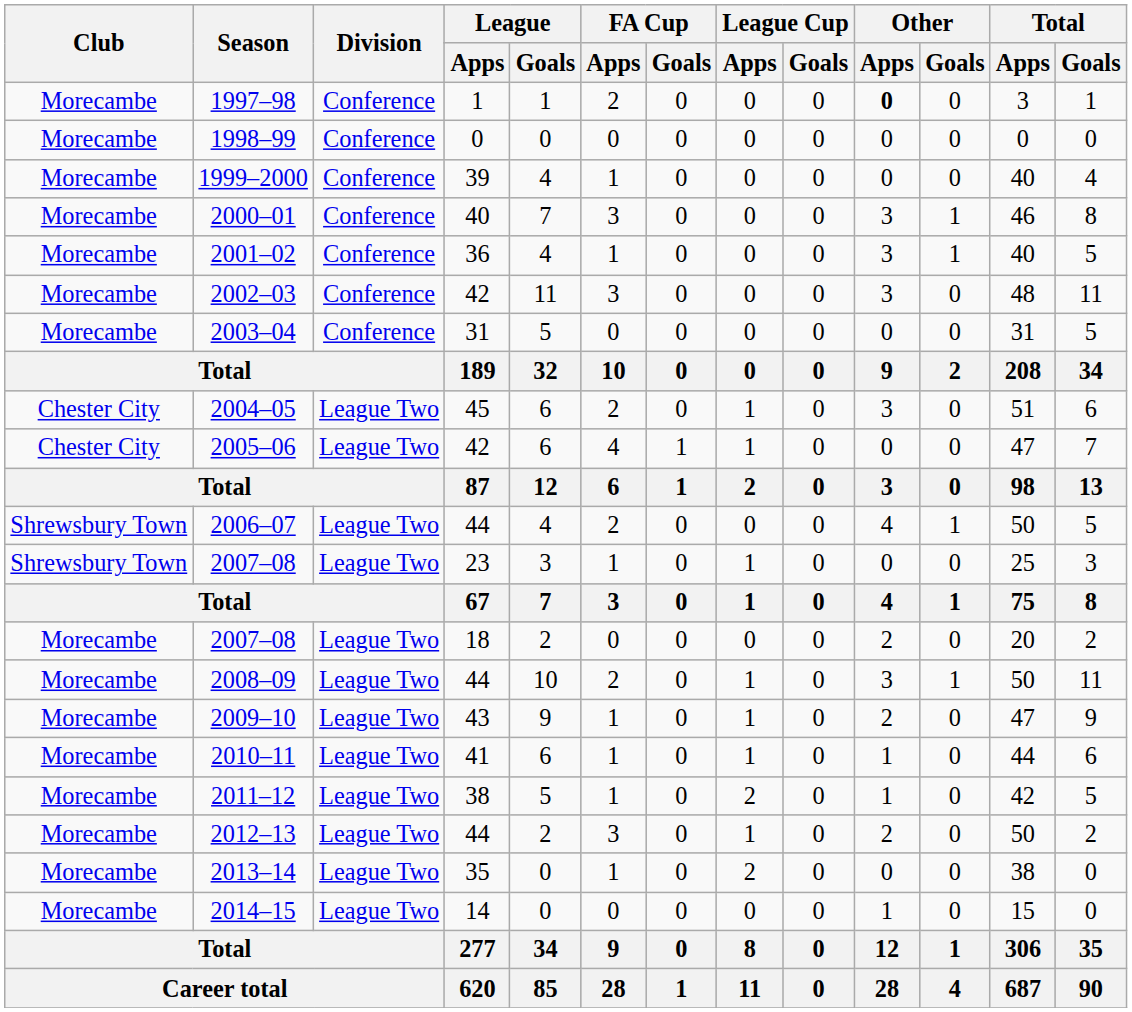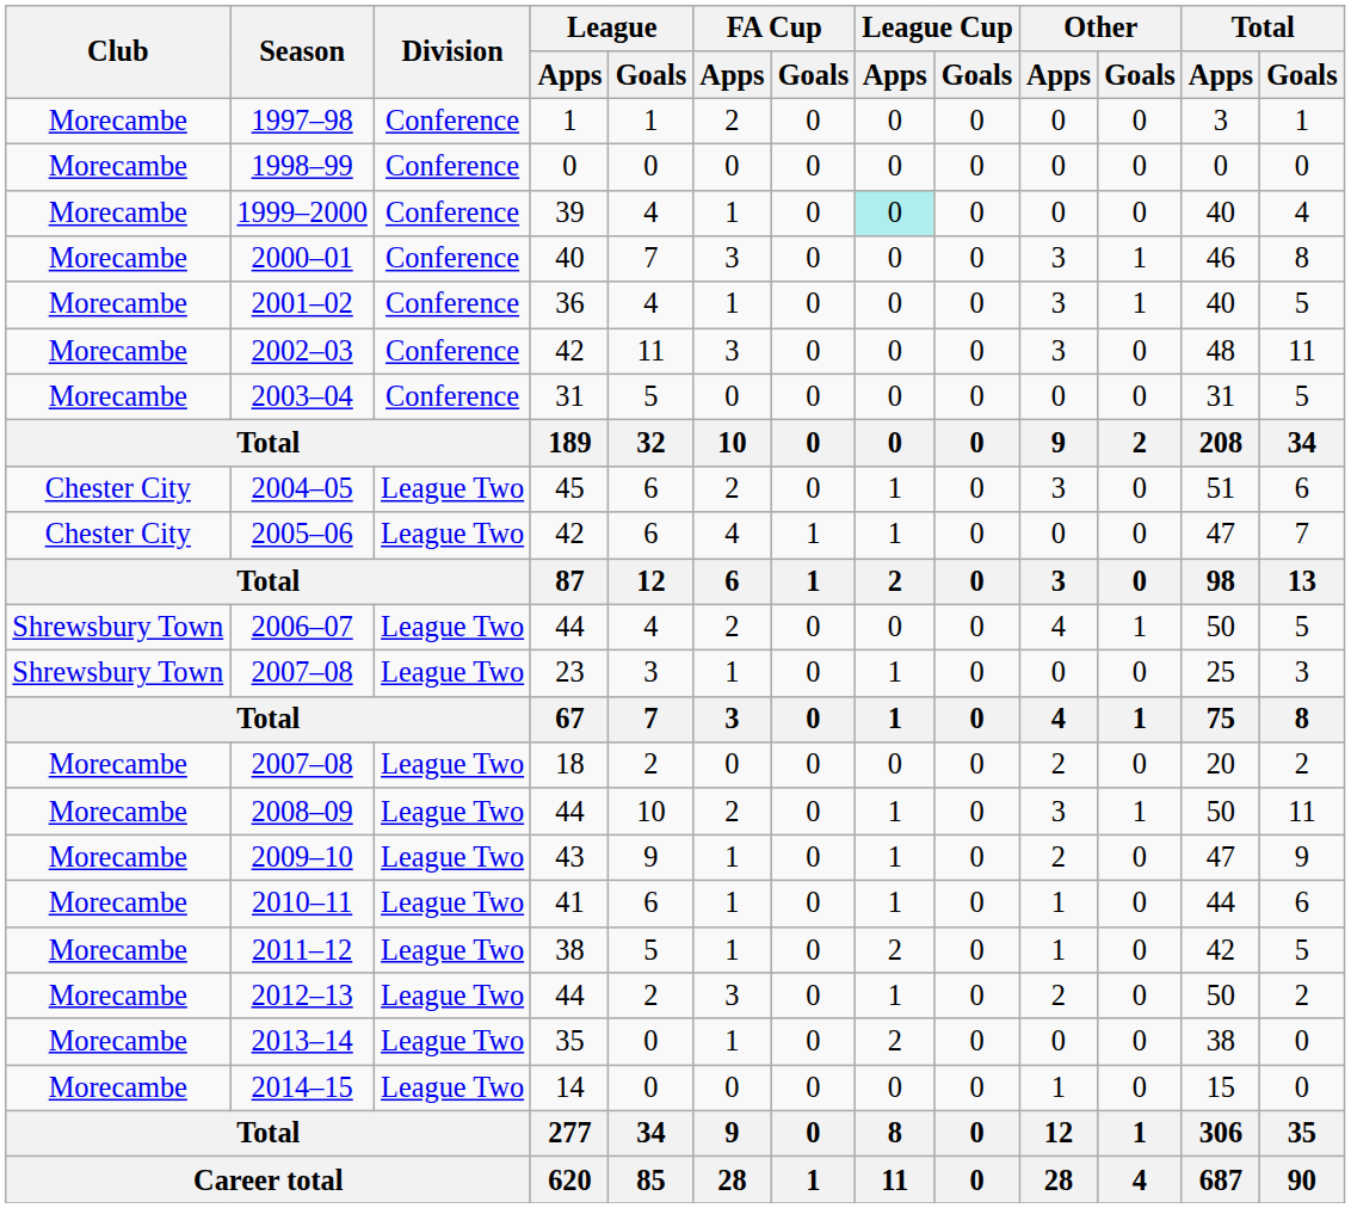 <table class="wikitable" style="text-align:center">
 <tr>
 <th rowspan="2">Club</th>
 <th rowspan="2">Season</th>
 <th rowspan="2">Division</th>
 <th colspan="2">League</th>
 <th colspan="2">FA Cup</th>
 <th colspan="2">League Cup</th>
 <th colspan="2">Other</th>
 <th colspan="2">Total</th>
 </tr>
 <tr>
 <th>Apps</th>
 <th>Goals</th>
 <th>Apps</th>
 <th>Goals</th>
 <th>Apps</th>
 <th>Goals</th>
 <th>Apps</th>
 <th>Goals</th>
 <th>Apps</th>
 <th>Goals</th>
 </tr>
 <tr>
 <td><a href='#'>Morecambe</a></td>
 <td><a href='#'>1997–98</a></td>
 <td><a href='#'>Conference</a></td>
 <td>1</td>
 <td>1</td>
 <td>2</td>
 <td>0</td>
 <td>0</td>
 <td>0</td>
-<td><strong>0</strong></td>
+<td>0</td>
 <td>0</td>
 <td>3</td>
 <td>1</td>
 </tr>
 <tr>
 <td><a href='#'>Morecambe</a></td>
 <td><a href='#'>1998–99</a></td>
 <td><a href='#'>Conference</a></td>
 <td>0</td>
 <td>0</td>
 <td>0</td>
 <td>0</td>
 <td>0</td>
 <td>0</td>
 <td>0</td>
 <td>0</td>
 <td>0</td>
 <td>0</td>
 </tr>
 <tr>
 <td><a href='#'>Morecambe</a></td>
 <td><a href='#'>1999–2000</a></td>
 <td><a href='#'>Conference</a></td>
 <td>39</td>
 <td>4</td>
 <td>1</td>
 <td>0</td>
-<td>0</td>
+<td style="background: paleturquoise;">0</td>
 <td>0</td>
 <td>0</td>
 <td>0</td>
 <td>40</td>
 <td>4</td>
 </tr>
 <tr>
 <td><a href='#'>Morecambe</a></td>
 <td><a href='#'>2000–01</a></td>
 <td><a href='#'>Conference</a></td>
 <td>40</td>
 <td>7</td>
 <td>3</td>
 <td>0</td>
 <td>0</td>
 <td>0</td>
 <td>3</td>
 <td>1</td>
 <td>46</td>
 <td>8</td>
 </tr>
 <tr>
 <td><a href='#'>Morecambe</a></td>
 <td><a href='#'>2001–02</a></td>
 <td><a href='#'>Conference</a></td>
 <td>36</td>
 <td>4</td>
 <td>1</td>
 <td>0</td>
 <td>0</td>
 <td>0</td>
 <td>3</td>
 <td>1</td>
 <td>40</td>
 <td>5</td>
 </tr>
 <tr>
 <td><a href='#'>Morecambe</a></td>
 <td><a href='#'>2002–03</a></td>
 <td><a href='#'>Conference</a></td>
 <td>42</td>
 <td>11</td>
 <td>3</td>
 <td>0</td>
 <td>0</td>
 <td>0</td>
 <td>3</td>
 <td>0</td>
 <td>48</td>
 <td>11</td>
 </tr>
 <tr>
 <td><a href='#'>Morecambe</a></td>
 <td><a href='#'>2003–04</a></td>
 <td><a href='#'>Conference</a></td>
 <td>31</td>
 <td>5</td>
 <td>0</td>
 <td>0</td>
 <td>0</td>
 <td>0</td>
 <td>0</td>
 <td>0</td>
 <td>31</td>
 <td>5</td>
 </tr>
 <tr>
 <th colspan="3">Total</th>
 <th>189</th>
 <th>32</th>
 <th>10</th>
 <th>0</th>
 <th>0</th>
 <th>0</th>
 <th>9</th>
 <th>2</th>
 <th>208</th>
 <th>34</th>
 </tr>
 <tr>
 <td><a href='#'>Chester City</a></td>
 <td><a href='#'>2004–05</a></td>
 <td><a href='#'>League Two</a></td>
 <td>45</td>
 <td>6</td>
 <td>2</td>
 <td>0</td>
 <td>1</td>
 <td>0</td>
 <td>3</td>
 <td>0</td>
 <td>51</td>
 <td>6</td>
 </tr>
 <tr>
 <td><a href='#'>Chester City</a></td>
 <td><a href='#'>2005–06</a></td>
 <td><a href='#'>League Two</a></td>
 <td>42</td>
 <td>6</td>
 <td>4</td>
 <td>1</td>
 <td>1</td>
 <td>0</td>
 <td>0</td>
 <td>0</td>
 <td>47</td>
 <td>7</td>
 </tr>
 <tr>
 <th colspan="3">Total</th>
 <th>87</th>
 <th>12</th>
 <th>6</th>
 <th>1</th>
 <th>2</th>
 <th>0</th>
 <th>3</th>
 <th>0</th>
 <th>98</th>
 <th>13</th>
 </tr>
 <tr>
 <td><a href='#'>Shrewsbury Town</a></td>
 <td><a href='#'>2006–07</a></td>
 <td><a href='#'>League Two</a></td>
 <td>44</td>
 <td>4</td>
 <td>2</td>
 <td>0</td>
 <td>0</td>
 <td>0</td>
 <td>4</td>
 <td>1</td>
 <td>50</td>
 <td>5</td>
 </tr>
 <tr>
 <td><a href='#'>Shrewsbury Town</a></td>
 <td><a href='#'>2007–08</a></td>
 <td><a href='#'>League Two</a></td>
 <td>23</td>
 <td>3</td>
 <td>1</td>
 <td>0</td>
 <td>1</td>
 <td>0</td>
 <td>0</td>
 <td>0</td>
 <td>25</td>
 <td>3</td>
 </tr>
 <tr>
 <th colspan="3">Total</th>
 <th>67</th>
 <th>7</th>
 <th>3</th>
 <th>0</th>
 <th>1</th>
 <th>0</th>
 <th>4</th>
 <th>1</th>
 <th>75</th>
 <th>8</th>
 </tr>
 <tr>
 <td><a href='#'>Morecambe</a></td>
 <td><a href='#'>2007–08</a></td>
 <td><a href='#'>League Two</a></td>
 <td>18</td>
 <td>2</td>
 <td>0</td>
 <td>0</td>
 <td>0</td>
 <td>0</td>
 <td>2</td>
 <td>0</td>
 <td>20</td>
 <td>2</td>
 </tr>
 <tr>
 <td><a href='#'>Morecambe</a></td>
 <td><a href='#'>2008–09</a></td>
 <td><a href='#'>League Two</a></td>
 <td>44</td>
 <td>10</td>
 <td>2</td>
 <td>0</td>
 <td>1</td>
 <td>0</td>
 <td>3</td>
 <td>1</td>
 <td>50</td>
 <td>11</td>
 </tr>
 <tr>
 <td><a href='#'>Morecambe</a></td>
 <td><a href='#'>2009–10</a></td>
 <td><a href='#'>League Two</a></td>
 <td>43</td>
 <td>9</td>
 <td>1</td>
 <td>0</td>
 <td>1</td>
 <td>0</td>
 <td>2</td>
 <td>0</td>
 <td>47</td>
 <td>9</td>
 </tr>
 <tr>
 <td><a href='#'>Morecambe</a></td>
 <td><a href='#'>2010–11</a></td>
 <td><a href='#'>League Two</a></td>
 <td>41</td>
 <td>6</td>
 <td>1</td>
 <td>0</td>
 <td>1</td>
 <td>0</td>
 <td>1</td>
 <td>0</td>
 <td>44</td>
 <td>6</td>
 </tr>
 <tr>
 <td><a href='#'>Morecambe</a></td>
 <td><a href='#'>2011–12</a></td>
 <td><a href='#'>League Two</a></td>
 <td>38</td>
 <td>5</td>
 <td>1</td>
 <td>0</td>
 <td>2</td>
 <td>0</td>
 <td>1</td>
 <td>0</td>
 <td>42</td>
 <td>5</td>
 </tr>
 <tr>
 <td><a href='#'>Morecambe</a></td>
 <td><a href='#'>2012–13</a></td>
 <td><a href='#'>League Two</a></td>
 <td>44</td>
 <td>2</td>
 <td>3</td>
 <td>0</td>
 <td>1</td>
 <td>0</td>
 <td>2</td>
 <td>0</td>
 <td>50</td>
 <td>2</td>
 </tr>
 <tr>
 <td><a href='#'>Morecambe</a></td>
 <td><a href='#'>2013–14</a></td>
 <td><a href='#'>League Two</a></td>
 <td>35</td>
 <td>0</td>
 <td>1</td>
 <td>0</td>
 <td>2</td>
 <td>0</td>
 <td>0</td>
 <td>0</td>
 <td>38</td>
 <td>0</td>
 </tr>
 <tr>
 <td><a href='#'>Morecambe</a></td>
 <td><a href='#'>2014–15</a></td>
 <td><a href='#'>League Two</a></td>
 <td>14</td>
 <td>0</td>
 <td>0</td>
 <td>0</td>
 <td>0</td>
 <td>0</td>
 <td>1</td>
 <td>0</td>
 <td>15</td>
 <td>0</td>
 </tr>
 <tr>
 <th colspan="3">Total</th>
 <th>277</th>
 <th>34</th>
 <th>9</th>
 <th>0</th>
 <th>8</th>
 <th>0</th>
 <th>12</th>
 <th>1</th>
 <th>306</th>
 <th>35</th>
 </tr>
 <tr>
 <th colspan="3">Career total</th>
 <th>620</th>
 <th>85</th>
 <th>28</th>
 <th>1</th>
 <th>11</th>
 <th>0</th>
 <th>28</th>
 <th>4</th>
 <th>687</th>
 <th>90</th>
 </tr>
 </table>
